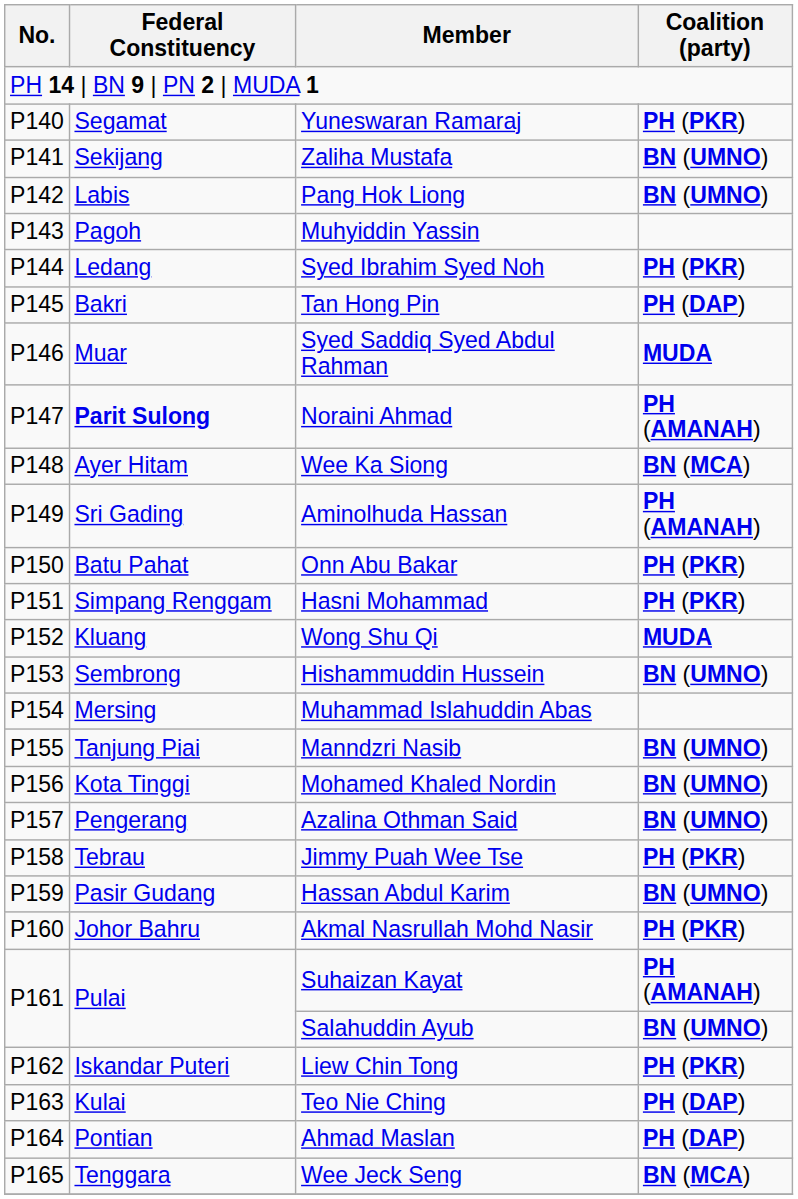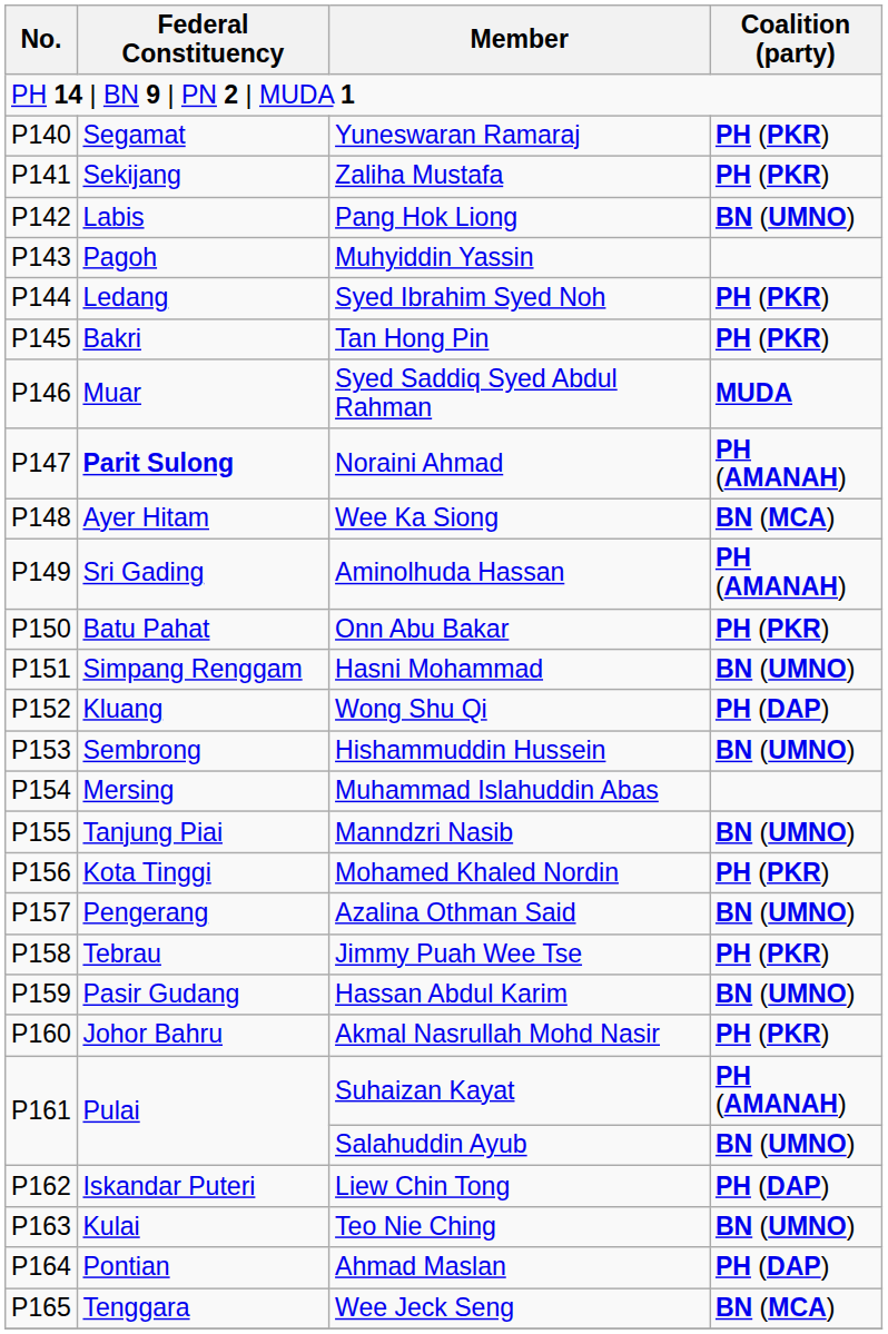 <table class="wikitable sortable">
 <tr>
 <th style="width:30px;">No.</th>
 <th style="width:150px;">Federal Constituency</th>
 <th style="width:230px;">Member</th>
 <th style="width:100px;">Coalition (party)</th>
 </tr>
 <tr>
 <td colspan="4"><a href='#'>PH</a> <strong>14</strong> | <a href='#'>BN</a> <strong>9</strong> | <a href='#'>PN</a> <strong>2</strong> | <a href='#'>MUDA</a> <strong>1</strong></td>
 </tr>
 <tr>
 <td>P140</td>
 <td><a href='#'>Segamat</a></td>
 <td><a href='#'>Yuneswaran Ramaraj</a></td>
 <td><strong><a href='#'>PH</a></strong> (<strong><a href='#'>PKR</a></strong>)</td>
 </tr>
 <tr>
 <td>P141</td>
 <td><a href='#'>Sekijang</a></td>
 <td><a href='#'>Zaliha Mustafa</a></td>
-<td><strong><a href='#'>BN</a></strong> (<strong><a href='#'>UMNO</a></strong>)</td>
+<td><strong><a href='#'>PH</a></strong> (<strong><a href='#'>PKR</a></strong>)</td>
 </tr>
 <tr>
 <td>P142</td>
 <td><a href='#'>Labis</a></td>
 <td><a href='#'>Pang Hok Liong</a></td>
 <td><strong><a href='#'>BN</a></strong> (<strong><a href='#'>UMNO</a></strong>)</td>
 </tr>
 <tr>
 <td>P143</td>
 <td><a href='#'>Pagoh</a></td>
 <td><a href='#'>Muhyiddin Yassin</a></td>
 <td></td>
 </tr>
 <tr>
 <td>P144</td>
 <td><a href='#'>Ledang</a></td>
 <td><a href='#'>Syed Ibrahim Syed Noh</a></td>
 <td><strong><a href='#'>PH</a></strong> (<strong><a href='#'>PKR</a></strong>)</td>
 </tr>
 <tr>
 <td>P145</td>
 <td><a href='#'>Bakri</a></td>
 <td><a href='#'>Tan Hong Pin</a></td>
-<td><strong><a href='#'>PH</a></strong> (<strong><a href='#'>DAP</a></strong>)</td>
+<td><strong><a href='#'>PH</a></strong> (<strong><a href='#'>PKR</a></strong>)</td>
 </tr>
 <tr>
 <td>P146</td>
 <td><a href='#'>Muar</a></td>
 <td><a href='#'>Syed Saddiq Syed Abdul Rahman</a></td>
 <td><strong><a href='#'>MUDA</a></strong></td>
 </tr>
 <tr>
 <td>P147</td>
 <td><strong><a href='#'>Parit Sulong</a></strong></td>
 <td><a href='#'>Noraini Ahmad</a></td>
 <td><strong><a href='#'>PH</a></strong> (<strong><a href='#'>AMANAH</a></strong>)</td>
 </tr>
 <tr>
 <td>P148</td>
 <td><a href='#'>Ayer Hitam</a></td>
 <td><a href='#'>Wee Ka Siong</a></td>
 <td><strong><a href='#'>BN</a></strong> (<strong><a href='#'>MCA</a></strong>)</td>
 </tr>
 <tr>
 <td>P149</td>
 <td><a href='#'>Sri Gading</a></td>
 <td><a href='#'>Aminolhuda Hassan</a></td>
 <td><strong><a href='#'>PH</a></strong> (<strong><a href='#'>AMANAH</a></strong>)</td>
 </tr>
 <tr>
 <td>P150</td>
 <td><a href='#'>Batu Pahat</a></td>
 <td><a href='#'>Onn Abu Bakar</a></td>
 <td><strong><a href='#'>PH</a></strong> (<strong><a href='#'>PKR</a></strong>)</td>
 </tr>
 <tr>
 <td>P151</td>
 <td><a href='#'>Simpang Renggam</a></td>
 <td><a href='#'>Hasni Mohammad</a></td>
-<td><strong><a href='#'>PH</a></strong> (<strong><a href='#'>PKR</a></strong>)</td>
+<td><strong><a href='#'>BN</a></strong> (<strong><a href='#'>UMNO</a></strong>)</td>
 </tr>
 <tr>
 <td>P152</td>
 <td><a href='#'>Kluang</a></td>
 <td><a href='#'>Wong Shu Qi</a></td>
-<td><strong><a href='#'>MUDA</a></strong></td>
+<td><strong><a href='#'>PH</a></strong> (<strong><a href='#'>DAP</a></strong>)</td>
 </tr>
 <tr>
 <td>P153</td>
 <td><a href='#'>Sembrong</a></td>
 <td><a href='#'>Hishammuddin Hussein</a></td>
 <td><strong><a href='#'>BN</a></strong> (<strong><a href='#'>UMNO</a></strong>)</td>
 </tr>
 <tr>
 <td>P154</td>
 <td><a href='#'>Mersing</a></td>
 <td><a href='#'>Muhammad Islahuddin Abas</a></td>
 <td></td>
 </tr>
 <tr>
 <td>P155</td>
 <td><a href='#'>Tanjung Piai</a></td>
 <td><a href='#'>Manndzri Nasib</a></td>
 <td><strong><a href='#'>BN</a></strong> (<strong><a href='#'>UMNO</a></strong>)</td>
 </tr>
 <tr>
 <td>P156</td>
 <td><a href='#'>Kota Tinggi</a></td>
 <td><a href='#'>Mohamed Khaled Nordin</a></td>
-<td><strong><a href='#'>BN</a></strong> (<strong><a href='#'>UMNO</a></strong>)</td>
+<td><strong><a href='#'>PH</a></strong> (<strong><a href='#'>PKR</a></strong>)</td>
 </tr>
 <tr>
 <td>P157</td>
 <td><a href='#'>Pengerang</a></td>
 <td><a href='#'>Azalina Othman Said</a></td>
 <td><strong><a href='#'>BN</a></strong> (<strong><a href='#'>UMNO</a></strong>)</td>
 </tr>
 <tr>
 <td>P158</td>
 <td><a href='#'>Tebrau</a></td>
 <td><a href='#'>Jimmy Puah Wee Tse</a></td>
 <td><strong><a href='#'>PH</a></strong> (<strong><a href='#'>PKR</a></strong>)</td>
 </tr>
 <tr>
 <td>P159</td>
 <td><a href='#'>Pasir Gudang</a></td>
 <td><a href='#'>Hassan Abdul Karim</a></td>
 <td><strong><a href='#'>BN</a></strong> (<strong><a href='#'>UMNO</a></strong>)</td>
 </tr>
 <tr>
 <td>P160</td>
 <td><a href='#'>Johor Bahru</a></td>
 <td><a href='#'>Akmal Nasrullah Mohd Nasir</a></td>
 <td><strong><a href='#'>PH</a></strong> (<strong><a href='#'>PKR</a></strong>)</td>
 </tr>
 <tr>
 <td rowspan=2>P161</td>
 <td rowspan=2><a href='#'>Pulai</a></td>
 <td><a href='#'>Suhaizan Kayat</a> </td>
 <td><strong><a href='#'>PH</a></strong> (<strong><a href='#'>AMANAH</a></strong>)</td>
 </tr>
 <tr>
 <td><a href='#'>Salahuddin Ayub</a> </td>
 <td><strong><a href='#'>BN</a></strong> (<strong><a href='#'>UMNO</a></strong>)</td>
 </tr>
 <tr>
 <td>P162</td>
 <td><a href='#'>Iskandar Puteri</a></td>
 <td><a href='#'>Liew Chin Tong</a></td>
-<td><strong><a href='#'>PH</a></strong> (<strong><a href='#'>PKR</a></strong>)</td>
+<td><strong><a href='#'>PH</a></strong> (<strong><a href='#'>DAP</a></strong>)</td>
 </tr>
 <tr>
 <td>P163</td>
 <td><a href='#'>Kulai</a></td>
 <td><a href='#'>Teo Nie Ching</a></td>
-<td><strong><a href='#'>PH</a></strong> (<strong><a href='#'>DAP</a></strong>)</td>
+<td><strong><a href='#'>BN</a></strong> (<strong><a href='#'>UMNO</a></strong>)</td>
 </tr>
 <tr>
 <td>P164</td>
 <td><a href='#'>Pontian</a></td>
 <td><a href='#'>Ahmad Maslan</a></td>
 <td><strong><a href='#'>PH</a></strong> (<strong><a href='#'>DAP</a></strong>)</td>
 </tr>
 <tr>
 <td>P165</td>
 <td><a href='#'>Tenggara</a></td>
 <td><a href='#'>Wee Jeck Seng</a></td>
 <td><strong><a href='#'>BN</a></strong> (<strong><a href='#'>MCA</a></strong>)</td>
 </tr>
 <tr>
 </tr>
 </table>
